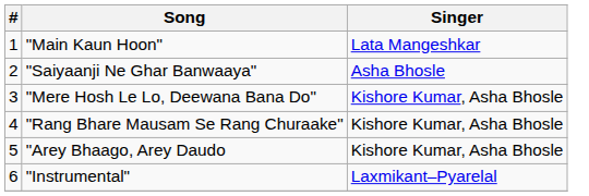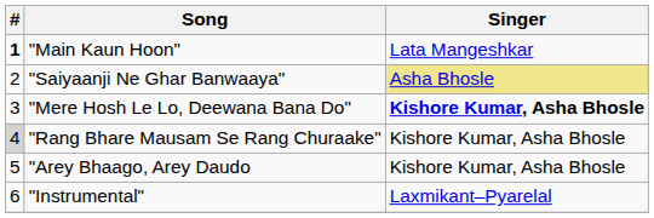 <table class="wikitable">
 <tr>
 <th>#</th>
 <th>Song</th>
 <th>Singer</th>
 </tr>
 <tr>
-<td>1</td>
+<td><strong>1</strong></td>
 <td>"Main Kaun Hoon"</td>
 <td><a href='#'>Lata Mangeshkar</a></td>
 </tr>
 <tr>
 <td>2</td>
 <td>"Saiyaanji Ne Ghar Banwaaya"</td>
-<td><a href='#'>Asha Bhosle</a></td>
+<td style="background: khaki;"><a href='#'>Asha Bhosle</a></td>
 </tr>
 <tr>
 <td>3</td>
 <td>"Mere Hosh Le Lo, Deewana Bana Do"</td>
-<td><a href='#'>Kishore Kumar</a>, Asha Bhosle</td>
+<td><strong><a href='#'>Kishore Kumar</a>, Asha Bhosle</strong></td>
 </tr>
 <tr>
-<td>4</td>
+<td style="background: lightgrey;">4</td>
 <td>"Rang Bhare Mausam Se Rang Churaake"</td>
 <td>Kishore Kumar, Asha Bhosle</td>
 </tr>
 <tr>
 <td>5</td>
 <td>"Arey Bhaago, Arey Daudo</td>
 <td>Kishore Kumar, Asha Bhosle</td>
 </tr>
 <tr>
 <td>6</td>
 <td>"Instrumental"</td>
 <td><a href='#'>Laxmikant–Pyarelal</a></td>
 </tr>
 <tr>
 </tr>
 </table>
